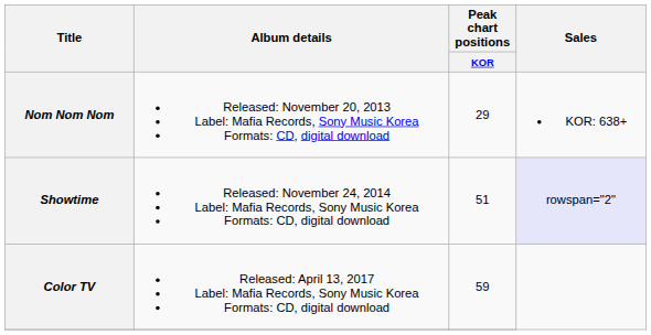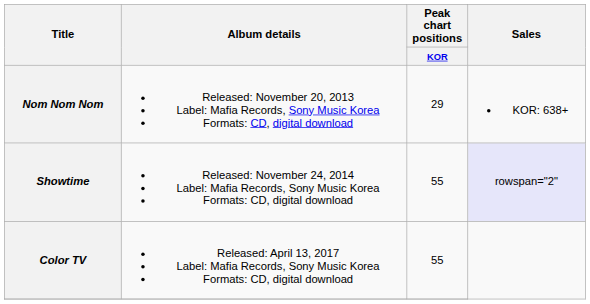 <table class="wikitable plainrowheaders" style="text-align:center;">
 <tr>
 <th scope="col" rowspan="2" style="width:10em;">Title</th>
 <th scope="col" rowspan="2" style="width:25em;">Album details</th>
 <th scope="col" colspan="1" style="width:5em;">Peak chart positions</th>
 <th scope="col" rowspan="2" style="width:10em;">Sales</th>
 </tr>
 <tr>
 <th><small><a href='#'>KOR</a></small><br></th>
 </tr>
 <tr>
 <th scope="row"><em>Nom Nom Nom</em></th>
 <td><br><ul><li>Released: November 20, 2013</li><li>Label: Mafia Records, <a href='#'>Sony Music Korea</a></li><li>Formats: <a href='#'>CD</a>, <a href='#'>digital download</a></li></ul></td>
 <td>29</td>
 <td><br><ul><li>KOR: 638+</li></ul></td>
 </tr>
 <tr>
 <th scope="row"><em>Showtime</em></th>
 <td><br><ul><li>Released: November 24, 2014</li><li>Label: Mafia Records, Sony Music Korea</li><li>Formats: CD, digital download</li></ul></td>
-<td>51</td>
+<td>55</td>
 <td style="background: lavender;">rowspan="2" </td>
 </tr>
 <tr>
 <th scope="row"><em>Color TV</em></th>
 <td><br><ul><li>Released: April 13, 2017</li><li>Label: Mafia Records, Sony Music Korea</li><li>Formats: CD, digital download</li></ul></td>
-<td>59</td>
+<td>55</td>
 </tr>
 <tr>
 </tr>
 </table>
